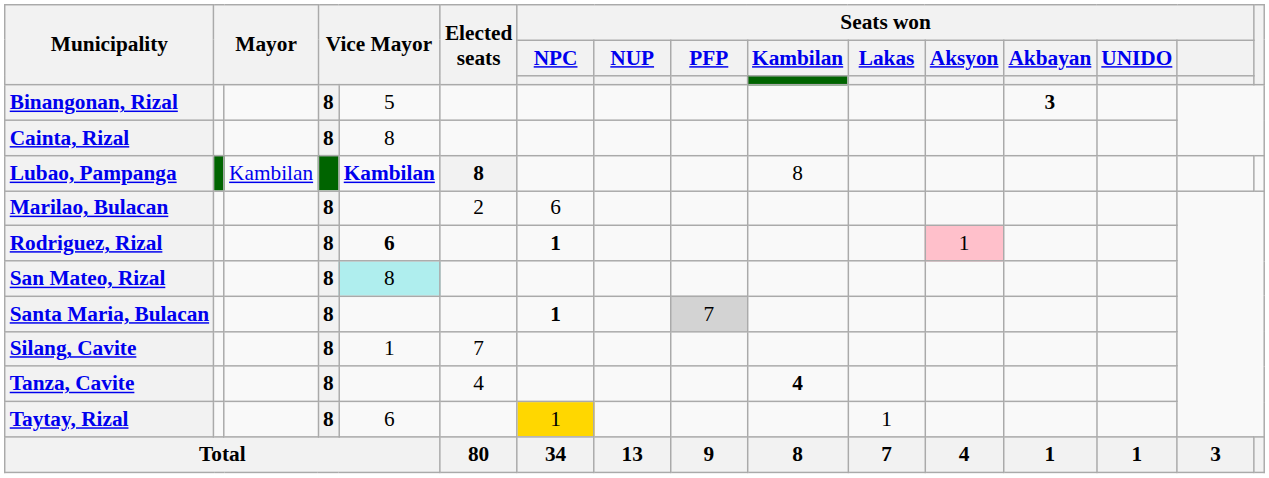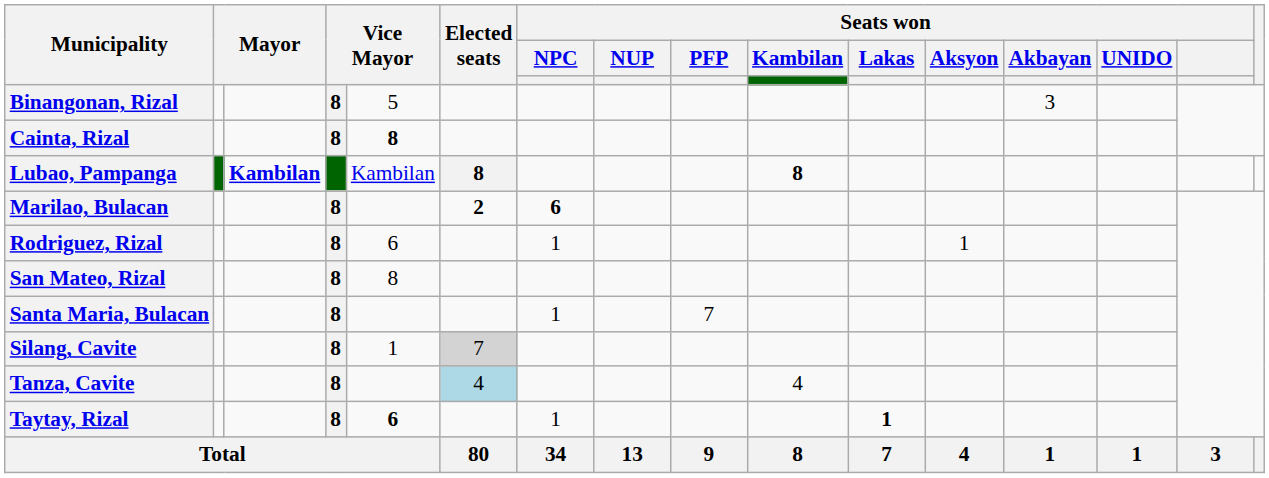 <table class="wikitable" style="text-align:center; font-size: 0.9em;">
 <tr>
 <th rowspan="3">Municipality</th>
 <th colspan="2" rowspan="3" style="width:60px;">Mayor</th>
 <th colspan="2" rowspan="3" style="width:60px;">Vice Mayor</th>
 <th rowspan="3">Elected<br>seats</th>
 <th colspan="9">Seats won</th>
 <th rowspan="3"></th>
 </tr>
 <tr>
 <th class="unsortable" style="width:45px;"><a href='#'>NPC</a></th>
 <th class="unsortable" style="width:45px;"><a href='#'>NUP</a></th>
 <th class="unsortable" style="width:45px;"><a href='#'>PFP</a></th>
 <th class="unsortable" style="width:45px;"><a href='#'>Kambilan</a></th>
 <th class="unsortable" style="width:45px;"><a href='#'>Lakas</a></th>
 <th class="unsortable" style="width:45px;"><a href='#'>Aksyon</a></th>
 <th class="unsortable" style="width:45px;"><a href='#'>Akbayan</a></th>
 <th class="unsortable" style="width:45px;"><a href='#'>UNIDO</a></th>
 <th class="unsortable" style="width:45px;"></th>
 </tr>
 <tr>
 <th style="color:inherit;background:"></th>
 <th style="color:inherit;background:"></th>
 <th style="color:inherit;background:"></th>
 <th style="color:inherit;background:#006400;"></th>
 <th style="color:inherit;background:"></th>
 <th style="color:inherit;background:"></th>
 <th style="color:inherit;background:"></th>
 <th style="color:inherit;background:"></th>
 <th style="color:inherit;background:"></th>
 </tr>
 <tr>
 <th style="text-align: left;"><a href='#'>Binangonan, Rizal</a></th>
 <td></td>
 <td></td>
 <th>8</th>
 <td>5</td>
 <td></td>
 <td></td>
 <td></td>
 <td></td>
 <td></td>
 <td></td>
 <td></td>
-<td><strong>3</strong></td>
+<td>3</td>
 <td></td>
 </tr>
 <tr>
 <th style="text-align: left;"><a href='#'>Cainta, Rizal</a></th>
 <td></td>
 <td></td>
 <th>8</th>
-<td>8</td>
+<td><strong>8</strong></td>
 <td></td>
 <td></td>
 <td></td>
 <td></td>
 <td></td>
 <td></td>
 <td></td>
 <td></td>
 <td></td>
 </tr>
 <tr>
 <th style="text-align: left;"><a href='#'>Lubao, Pampanga</a></th>
 <td style="background-color:#006400"></td>
+<td style="text-align: left;"><strong><a href='#'>Kambilan</a></strong></td>
+<td style="background-color:#006400"></td>
 <td style="text-align: left;"><a href='#'>Kambilan</a></td>
-<td style="background-color:#006400"></td>
-<td style="text-align: left;"><strong><a href='#'>Kambilan</a></strong></td>
 <th>8</th>
 <td></td>
 <td></td>
 <td></td>
-<td>8</td>
+<td><strong>8</strong></td>
 <td></td>
 <td></td>
 <td></td>
 <td></td>
 <td></td>
 <td></td>
 </tr>
 <tr>
 <th style="text-align: left;"><a href='#'>Marilao, Bulacan</a></th>
 <td></td>
 <td></td>
 <th>8</th>
 <td></td>
-<td>2</td>
-<td>6</td>
+<td><strong>2</strong></td>
+<td><strong>6</strong></td>
 <td></td>
 <td></td>
 <td></td>
 <td></td>
 <td></td>
 <td></td>
 <td></td>
 </tr>
 <tr>
 <th style="text-align: left;"><a href='#'>Rodriguez, Rizal</a></th>
 <td></td>
 <td></td>
 <th>8</th>
-<td><strong>6</strong></td>
+<td>6</td>
 <td></td>
-<td><strong>1</strong></td>
+<td>1</td>
 <td></td>
 <td></td>
 <td></td>
 <td></td>
-<td style="background: pink;">1</td>
+<td>1</td>
 <td></td>
 <td></td>
 </tr>
 <tr>
 <th style="text-align: left;"><a href='#'>San Mateo, Rizal</a></th>
 <td></td>
 <td></td>
 <th>8</th>
-<td style="background: paleturquoise;">8</td>
+<td>8</td>
 <td></td>
 <td></td>
 <td></td>
 <td></td>
 <td></td>
 <td></td>
 <td></td>
 <td></td>
 <td></td>
 </tr>
 <tr>
 <th style="text-align: left;"><a href='#'>Santa Maria, Bulacan</a></th>
 <td></td>
 <td></td>
 <th>8</th>
 <td></td>
 <td></td>
-<td><strong>1</strong></td>
+<td>1</td>
 <td></td>
-<td style="background: lightgrey;">7</td>
+<td>7</td>
 <td></td>
 <td></td>
 <td></td>
 <td></td>
 <td></td>
 </tr>
 <tr>
 <th style="text-align: left;"><a href='#'>Silang, Cavite</a></th>
 <td></td>
 <td></td>
 <th>8</th>
 <td>1</td>
-<td>7</td>
+<td style="background: lightgrey;">7</td>
 <td></td>
 <td></td>
 <td></td>
 <td></td>
 <td></td>
 <td></td>
 <td></td>
 <td></td>
 </tr>
 <tr>
 <th style="text-align: left;"><a href='#'>Tanza, Cavite</a></th>
 <td></td>
 <td></td>
 <th>8</th>
 <td></td>
-<td>4</td>
+<td style="background: lightblue;">4</td>
 <td></td>
 <td></td>
 <td></td>
-<td><strong>4</strong></td>
+<td>4</td>
 <td></td>
 <td></td>
 <td></td>
 <td></td>
 </tr>
 <tr>
 <th style="text-align: left;"><a href='#'>Taytay, Rizal</a></th>
 <td></td>
 <td></td>
 <th>8</th>
-<td>6</td>
+<td><strong>6</strong></td>
 <td></td>
-<td style="background: gold;">1</td>
+<td>1</td>
 <td></td>
 <td></td>
 <td></td>
-<td>1</td>
+<td><strong>1</strong></td>
 <td></td>
 <td></td>
 <td></td>
 </tr>
 <tr>
 <th colspan="5">Total</th>
 <th>80</th>
 <th>34</th>
 <th>13</th>
 <th>9</th>
 <th>8</th>
 <th>7</th>
 <th>4</th>
 <th>1</th>
 <th>1</th>
 <th>3</th>
 <th></th>
 </tr>
 </table>
